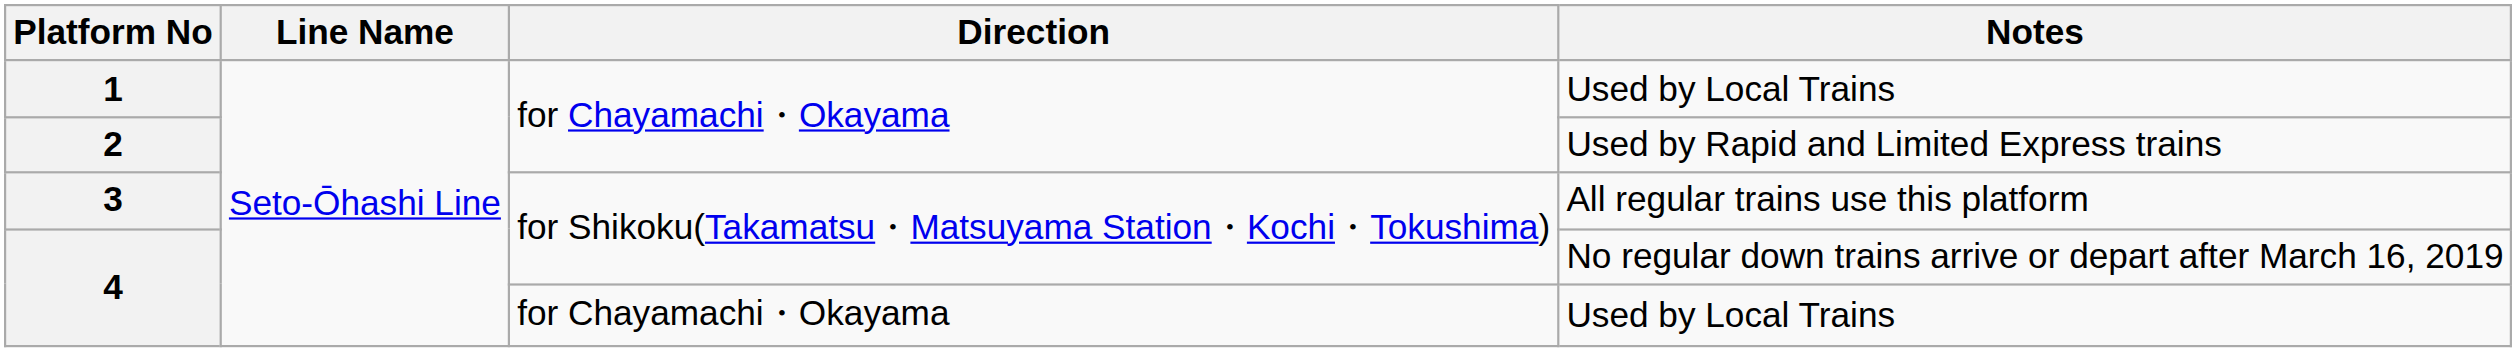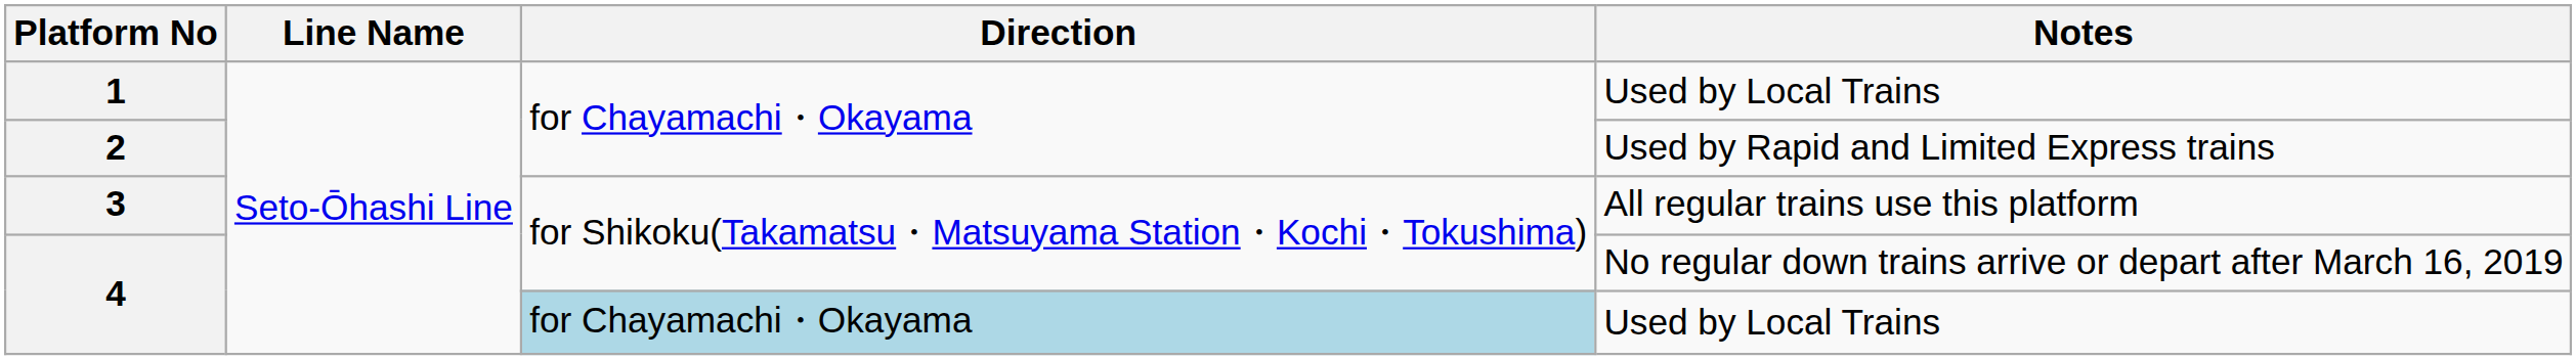 <table class="wikitable">
 <tr>
 <th nowrap="nowrap">Platform No </th>
 <th>Line Name</th>
 <th>Direction</th>
 <th>Notes</th>
 </tr>
 <tr>
 <th>1</th>
 <td rowspan="5"> <a href='#'>Seto-Ōhashi Line</a></td>
 <td rowspan="2">for <a href='#'>Chayamachi</a>・<a href='#'>Okayama</a></td>
 <td>Used by Local Trains</td>
 </tr>
 <tr>
 <th>2</th>
 <td>Used by Rapid and Limited Express trains</td>
 </tr>
 <tr>
 <th>3</th>
 <td rowspan="2">for Shikoku(<a href='#'>Takamatsu</a>・<a href='#'>Matsuyama Station</a>・<a href='#'>Kochi</a>・<a href='#'>Tokushima</a>)</td>
 <td>All regular trains use this platform</td>
 </tr>
 <tr>
 <th rowspan="2">4</th>
 <td>No regular down trains arrive or depart after March 16, 2019</td>
 </tr>
 <tr>
-<td>for Chayamachi・Okayama</td>
+<td style="background: lightblue;">for Chayamachi・Okayama</td>
 <td>Used by Local Trains</td>
 </tr>
 </table>
